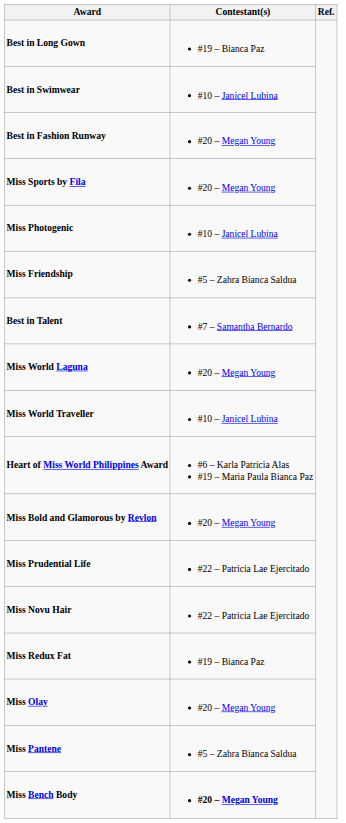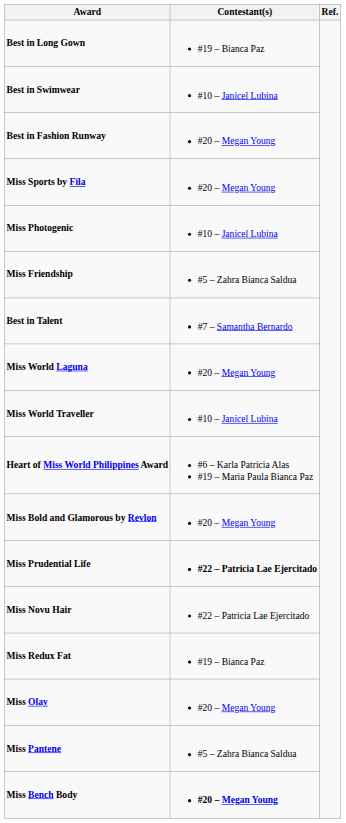 <table class="wikitable sortable" style="font-size: 95%;">
 <tr>
 <th>Award</th>
 <th>Contestant(s)</th>
 <th>Ref.</th>
 </tr>
 <tr>
 <td><strong>Best in Long Gown</strong></td>
 <td><br><ul><li>#19 – Bianca Paz</li></ul></td>
 <td rowspan="17"></td>
 </tr>
 <tr>
 <td><strong>Best in Swimwear</strong></td>
 <td><br><ul><li>#10 – <a href='#'>Janicel Lubina</a></li></ul></td>
 </tr>
 <tr>
 <td><strong>Best in Fashion Runway</strong></td>
 <td><br><ul><li>#20 – <a href='#'>Megan Young</a></li></ul></td>
 </tr>
 <tr>
 <td><strong>Miss Sports by <a href='#'>Fila</a></strong></td>
 <td><br><ul><li>#20 – <a href='#'>Megan Young</a></li></ul></td>
 </tr>
 <tr>
 <td><strong>Miss Photogenic</strong></td>
 <td><br><ul><li>#10 – <a href='#'>Janicel Lubina</a></li></ul></td>
 </tr>
 <tr>
 <td><strong>Miss Friendship</strong></td>
 <td><br><ul><li>#5 – Zahra Bianca Saldua</li></ul></td>
 </tr>
 <tr>
 <td><strong>Best in Talent</strong></td>
 <td><br><ul><li>#7 – <a href='#'>Samantha Bernardo</a></li></ul></td>
 </tr>
 <tr>
 <td><strong>Miss World <a href='#'>Laguna</a></strong></td>
 <td><br><ul><li>#20 – <a href='#'>Megan Young</a></li></ul></td>
 </tr>
 <tr>
 <td><strong>Miss World Traveller</strong></td>
 <td><br><ul><li>#10 – <a href='#'>Janicel Lubina</a></li></ul></td>
 </tr>
 <tr>
 <td><strong>Heart of <a href='#'>Miss World Philippines</a> Award</strong></td>
 <td><br><ul><li>#6 – Karla Patricia Alas</li><li>#19 – Maria Paula Bianca Paz</li></ul></td>
 </tr>
 <tr>
 <td><strong>Miss Bold and Glamorous by <a href='#'>Revlon</a></strong></td>
 <td><br><ul><li>#20 – <a href='#'>Megan Young</a></li></ul></td>
 </tr>
 <tr>
 <td><strong>Miss Prudential Life</strong></td>
-<td><br><ul><li>#22 – Patricia Lae Ejercitado</li></ul></td>
+<td><strong><br><ul><li>#22 – Patricia Lae Ejercitado</li></ul></strong></td>
 </tr>
 <tr>
 <td><strong>Miss Novu Hair</strong></td>
 <td><br><ul><li>#22 – Patricia Lae Ejercitado</li></ul></td>
 </tr>
 <tr>
 <td><strong>Miss Redux Fat</strong></td>
 <td><br><ul><li>#19 – Bianca Paz</li></ul></td>
 </tr>
 <tr>
 <td><strong>Miss <a href='#'>Olay</a></strong></td>
 <td><br><ul><li>#20 – <a href='#'>Megan Young</a></li></ul></td>
 </tr>
 <tr>
 <td><strong>Miss <a href='#'>Pantene</a></strong></td>
 <td><br><ul><li>#5 – Zahra Bianca Saldua</li></ul></td>
 </tr>
 <tr>
 <td><strong>Miss <a href='#'>Bench</a> Body</strong></td>
 <td><strong><br><ul><li>#20 – <a href='#'>Megan Young</a></li></ul></strong></td>
 </tr>
 </table>
